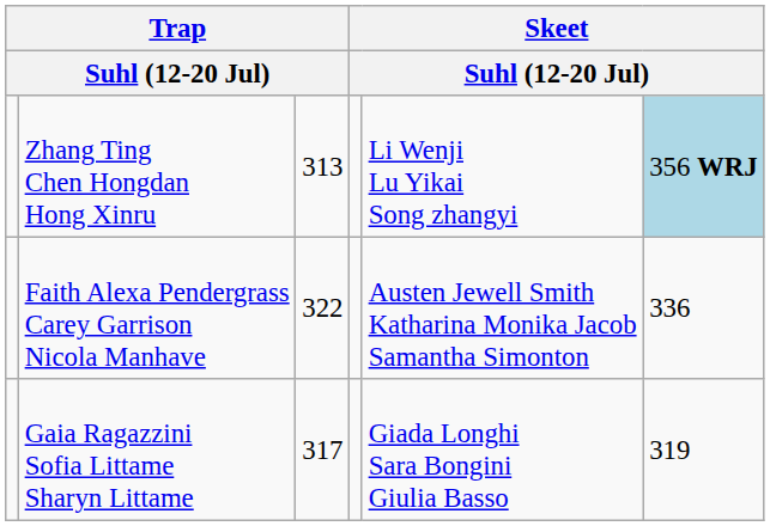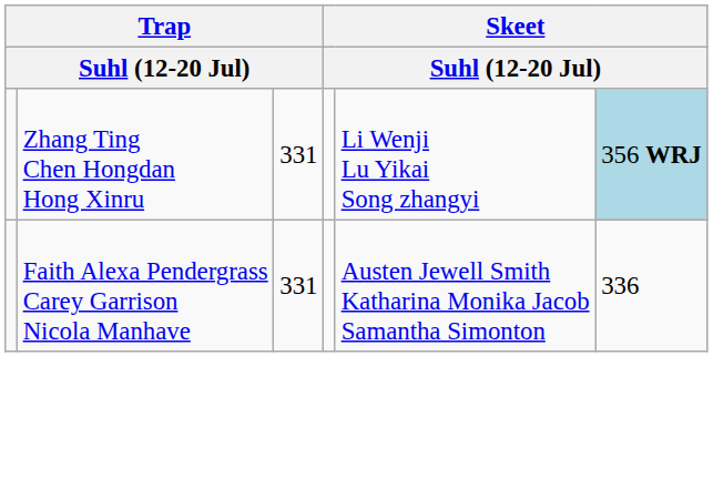 <table class="wikitable" style="font-size: 95%">
 <tr>
 <th colspan="3"><a href='#'>Trap</a></th>
 <th colspan="3"><a href='#'>Skeet</a></th>
 </tr>
 <tr>
 <th colspan="3"><strong><a href='#'>Suhl</a></strong> <strong> (12-20 Jul)</strong></th>
 <th colspan="3"><strong><a href='#'>Suhl</a></strong> <strong> (12-20 Jul)</strong></th>
 </tr>
 <tr>
 <td></td>
 <td><br><a href='#'>Zhang Ting</a><br> <a href='#'>Chen Hongdan</a><br> <a href='#'>Hong Xinru</a></td>
-<td>313</td>
+<td>331</td>
 <td></td>
 <td><br><a href='#'>Li Wenji</a><br> <a href='#'>Lu Yikai</a><br> <a href='#'>Song zhangyi</a></td>
 <td style="background: lightblue;">356 <strong>WRJ</strong></td>
 </tr>
 <tr>
 <td></td>
 <td><br><a href='#'>Faith Alexa Pendergrass</a><br> <a href='#'>Carey Garrison</a><br> <a href='#'>Nicola Manhave</a></td>
-<td>322</td>
+<td>331</td>
 <td></td>
 <td><br><a href='#'>Austen Jewell Smith</a><br> <a href='#'>Katharina Monika Jacob</a><br> <a href='#'>Samantha Simonton</a></td>
 <td>336</td>
 </tr>
-<tr>
-<td></td>
-<td><br><a href='#'>Gaia Ragazzini</a><br> <a href='#'>Sofia Littame</a><br> <a href='#'>Sharyn Littame</a></td>
-<td>317</td>
-<td></td>
-<td><br><a href='#'>Giada Longhi</a><br> <a href='#'>Sara Bongini</a><br> <a href='#'>Giulia Basso</a></td>
-<td>319</td>
-</tr>
 </table>
